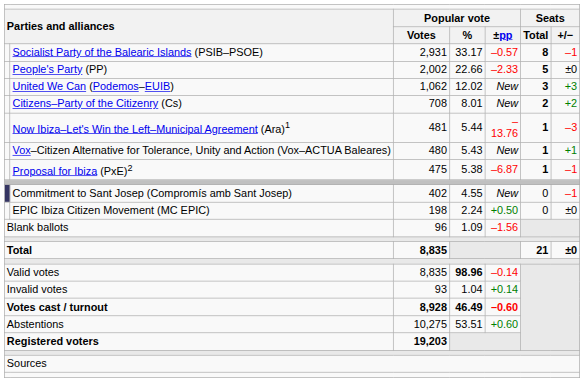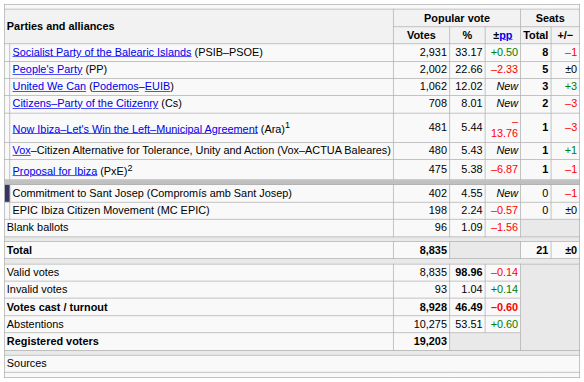 <table class="wikitable" style="text-align:right;">
 <tr>
 <td colspan="7"></td>
 </tr>
 <tr>
 <th style="text-align:left;" rowspan="2" colspan="2" width="525">Parties and alliances</th>
 <th colspan="3">Popular vote</th>
 <th colspan="2">Seats</th>
 </tr>
 <tr>
 <th width="75">Votes</th>
 <th width="45">%</th>
 <th width="45">±<a href='#'>pp</a></th>
 <th width="35">Total</th>
 <th width="35">+/−</th>
 </tr>
 <tr>
 <td width="1" style="color:inherit;background:"></td>
 <td align="left"><a href='#'>Socialist Party of the Balearic Islands</a> (PSIB–PSOE)</td>
 <td>2,931</td>
 <td>33.17</td>
-<td style="color:red;">–0.57</td>
+<td style="color:green;">+0.50</td>
 <td><strong>8</strong></td>
 <td style="color:red;">–1</td>
 </tr>
 <tr>
 <td style="color:inherit;background:"></td>
 <td align="left"><a href='#'>People's Party</a> (PP)</td>
 <td>2,002</td>
 <td>22.66</td>
 <td style="color:red;">–2.33</td>
 <td><strong>5</strong></td>
 <td>±0</td>
 </tr>
 <tr>
 <td style="color:inherit;background:"></td>
 <td align="left"><a href='#'>United We Can</a> (<a href='#'>Podemos</a>–<a href='#'>EUIB</a>)</td>
 <td>1,062</td>
 <td>12.02</td>
 <td><em>New</em></td>
 <td><strong>3</strong></td>
 <td style="color:green;">+3</td>
 </tr>
 <tr>
 <td style="color:inherit;background:"></td>
 <td align="left"><a href='#'>Citizens–Party of the Citizenry</a> (Cs)</td>
 <td>708</td>
 <td>8.01</td>
 <td><em>New</em></td>
 <td><strong>2</strong></td>
-<td style="color:green;">+2</td>
+<td style="color:red;">–3</td>
 </tr>
 <tr>
 <td style="color:inherit;background:"></td>
 <td align="left"><a href='#'>Now Ibiza–Let's Win the Left–Municipal Agreement</a> (Ara)<sup>1</sup></td>
 <td>481</td>
 <td>5.44</td>
 <td style="color:red;">–13.76</td>
 <td><strong>1</strong></td>
 <td style="color:red;">–3</td>
 </tr>
 <tr>
 <td style="color:inherit;background:"></td>
 <td align="left"><a href='#'>Vox</a>–Citizen Alternative for Tolerance, Unity and Action (Vox–ACTUA Baleares)</td>
 <td>480</td>
 <td>5.43</td>
 <td><em>New</em></td>
 <td><strong>1</strong></td>
 <td style="color:green;">+1</td>
 </tr>
 <tr>
 <td style="color:inherit;background:"></td>
 <td align="left"><a href='#'>Proposal for Ibiza</a> (PxE)<sup>2</sup></td>
 <td>475</td>
 <td>5.38</td>
 <td style="color:red;">–6.87</td>
 <td><strong>1</strong></td>
 <td style="color:red;">–1</td>
 </tr>
 <tr>
 <td colspan="7" bgcolor="#C0C0C0"></td>
 </tr>
 <tr>
 <td bgcolor="#353563"></td>
 <td align="left">Commitment to Sant Josep (Compromís amb Sant Josep)</td>
 <td>402</td>
 <td>4.55</td>
 <td><em>New</em></td>
 <td>0</td>
 <td style="color:red;">–1</td>
 </tr>
 <tr>
 <td style="color:inherit;background:"></td>
 <td align="left">EPIC Ibiza Citizen Movement (MC EPIC)</td>
 <td>198</td>
 <td>2.24</td>
-<td style="color:green;">+0.50</td>
+<td style="color:red;">–0.57</td>
 <td>0</td>
 <td>±0</td>
 </tr>
 <tr>
 <td align="left" colspan="2">Blank ballots</td>
 <td>96</td>
 <td>1.09</td>
 <td style="color:red;">–1.56</td>
 <td bgcolor="#E9E9E9" colspan="2"></td>
 </tr>
 <tr>
 <td colspan="7" bgcolor="#E9E9E9"></td>
 </tr>
 <tr style="font-weight:bold;">
 <td align="left" colspan="2">Total</td>
 <td>8,835</td>
 <td bgcolor="#E9E9E9" colspan="2"></td>
 <td>21</td>
 <td>±0</td>
 </tr>
 <tr>
 <td colspan="7" bgcolor="#E9E9E9"></td>
 </tr>
 <tr>
 <td align="left" colspan="2">Valid votes</td>
 <td>8,835</td>
 <td><strong>98.96</strong></td>
 <td style="color:red;">–0.14</td>
 <td bgcolor="#E9E9E9" colspan="2" rowspan="5"></td>
 </tr>
 <tr>
 <td align="left" colspan="2">Invalid votes</td>
 <td>93</td>
 <td>1.04</td>
 <td style="color:green;">+0.14</td>
 </tr>
 <tr style="font-weight:bold;">
 <td align="left" colspan="2">Votes cast / turnout</td>
 <td>8,928</td>
 <td>46.49</td>
 <td style="color:red;">–0.60</td>
 </tr>
 <tr>
 <td align="left" colspan="2">Abstentions</td>
 <td>10,275</td>
 <td>53.51</td>
 <td style="color:green;">+0.60</td>
 </tr>
 <tr style="font-weight:bold;">
 <td align="left" colspan="2">Registered voters</td>
 <td>19,203</td>
 <td bgcolor="#E9E9E9" colspan="2"></td>
 </tr>
 <tr>
 <td colspan="7" bgcolor="#E9E9E9"></td>
 </tr>
 <tr>
 <td align="left" colspan="7">Sources</td>
 </tr>
 <tr>
 <td colspan="7" style="text-align:left; max-width:790px;"></td>
 </tr>
 </table>
